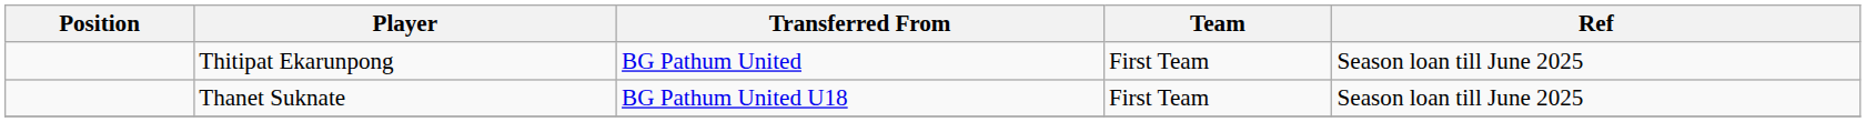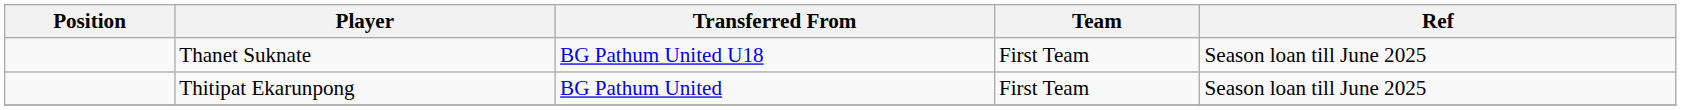 <table class="wikitable sortable" style="width:80%; text-align:center; font-size:100%; text-align:left;">
 <tr>
 <th><strong>Position</strong></th>
 <th><strong>Player</strong></th>
 <th><strong>Transferred From</strong></th>
 <th><strong>Team</strong></th>
 <th><strong>Ref</strong></th>
 </tr>
 <tr>
 <td></td>
+<td> Thanet Suknate</td>
+<td> <a href='#'>BG Pathum United U18</a></td>
+<td>First Team</td>
+<td>Season loan till June 2025 </td>
+</tr>
+<tr>
+<td></td>
 <td> Thitipat Ekarunpong</td>
 <td> <a href='#'>BG Pathum United</a></td>
 <td>First Team</td>
 <td>Season loan till June 2025 </td>
 </tr>
 <tr>
-<td></td>
-<td> Thanet Suknate</td>
-<td> <a href='#'>BG Pathum United U18</a></td>
-<td>First Team</td>
-<td>Season loan till June 2025 </td>
-</tr>
-<tr>
 </tr>
 </table>
